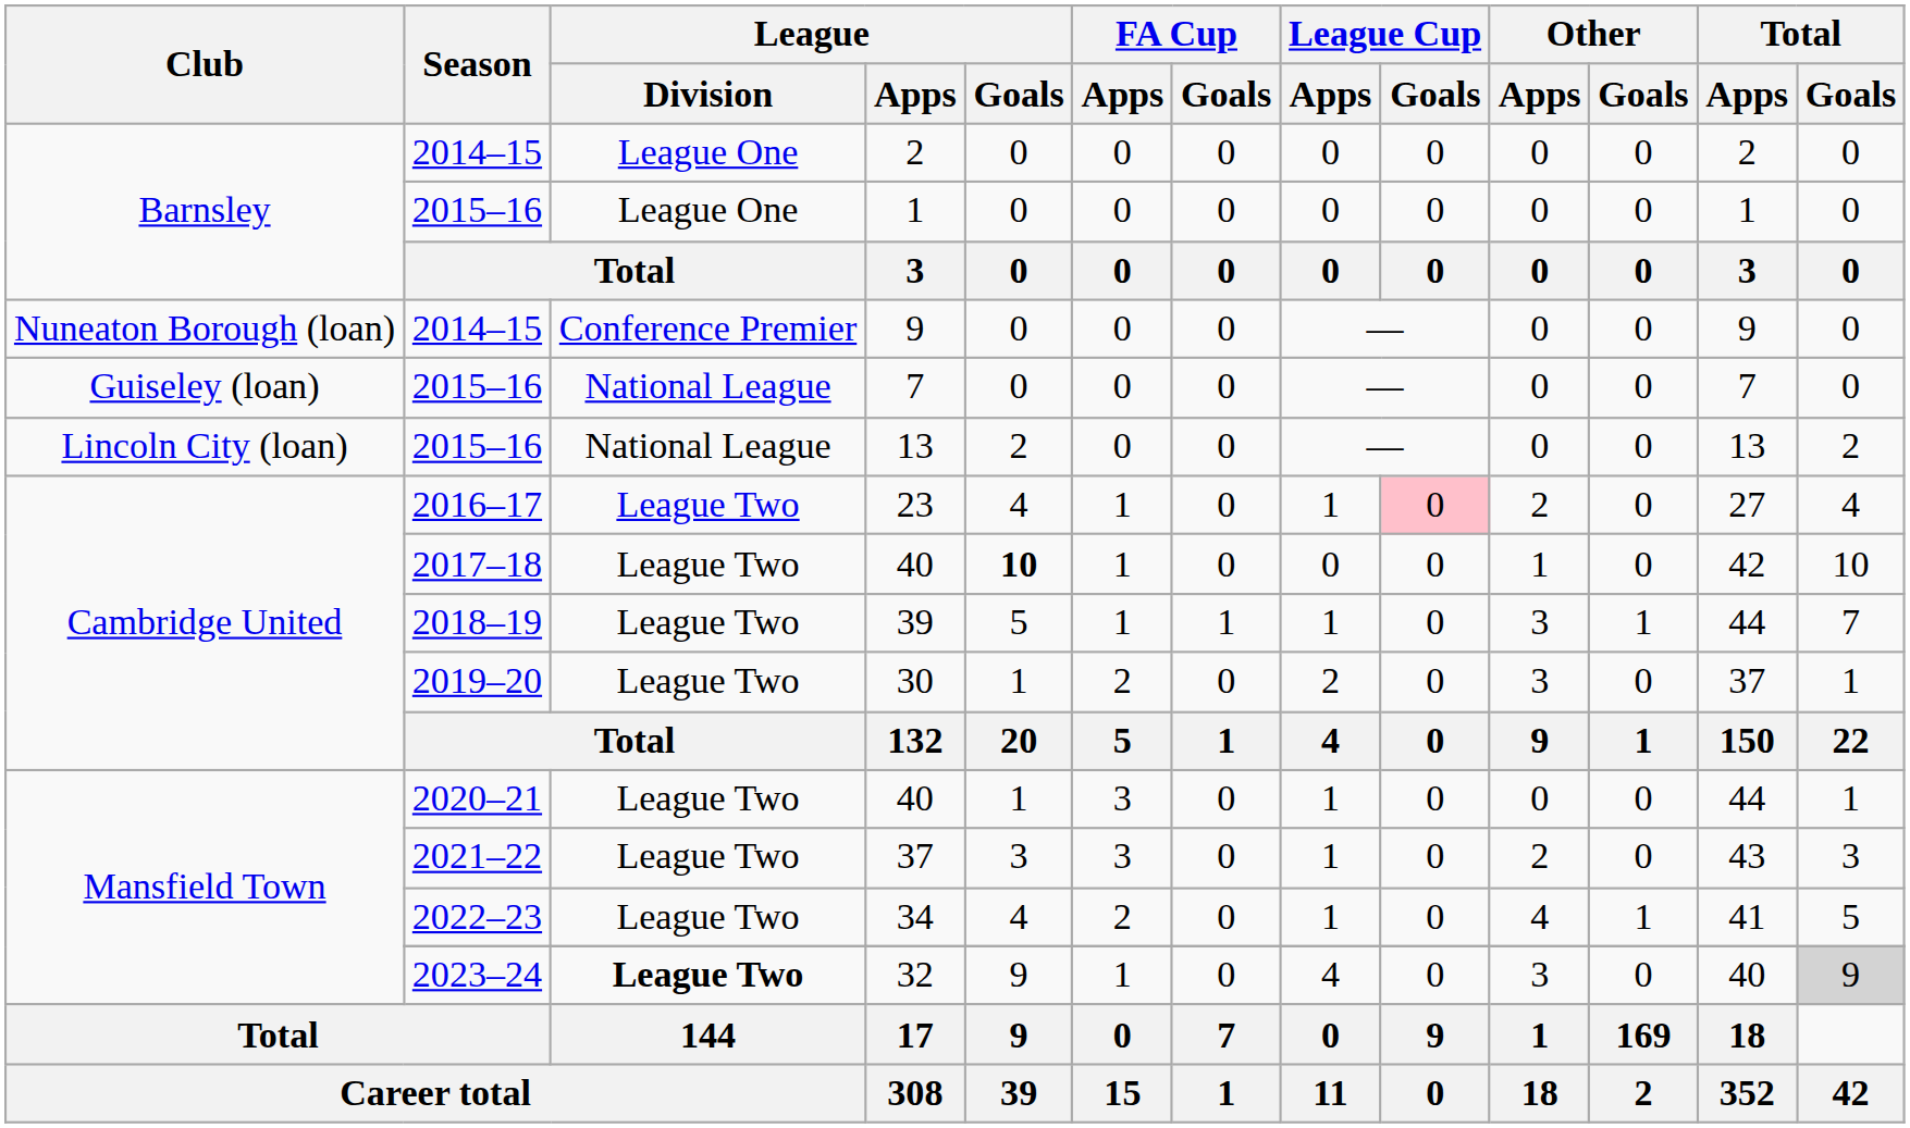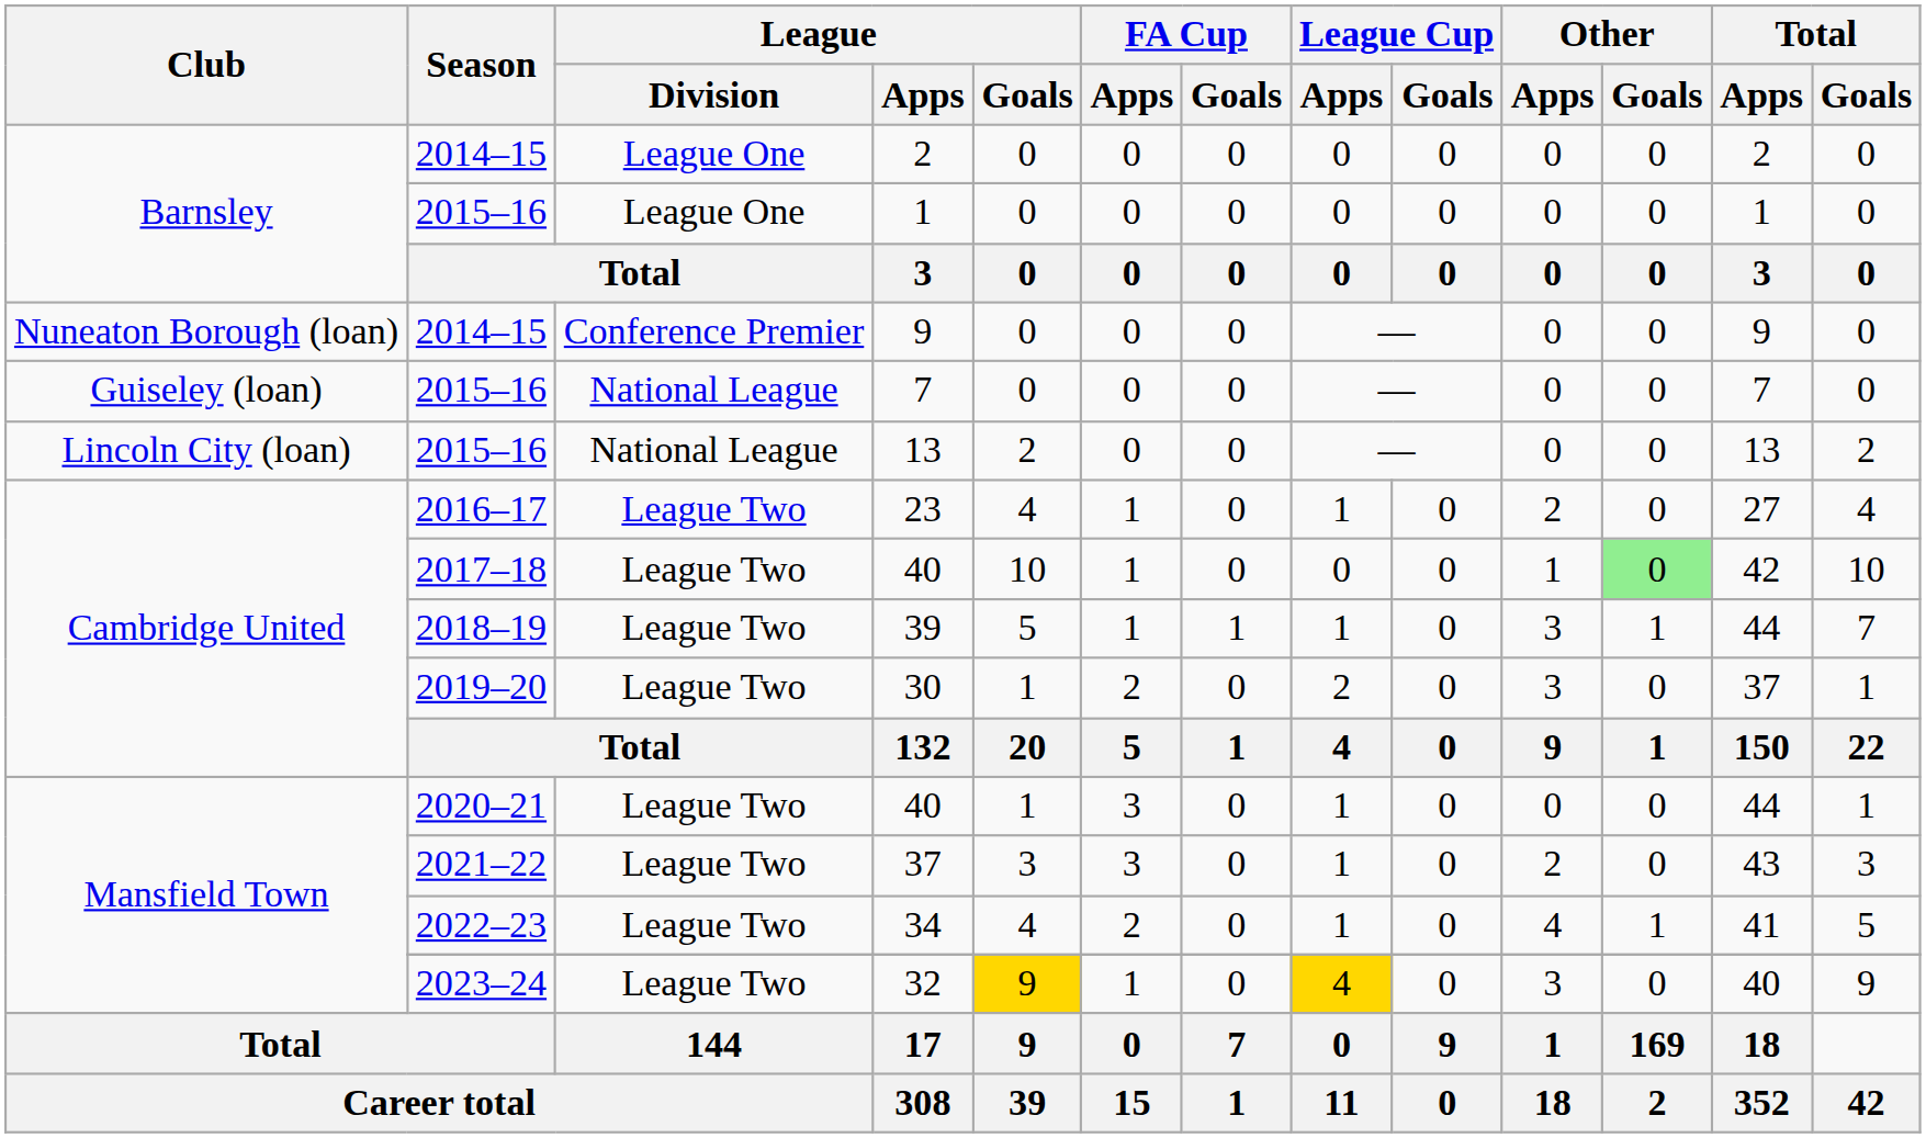 <table class="wikitable" style="text-align: center">
 <tr>
 <th rowspan="2">Club</th>
 <th rowspan="2">Season</th>
 <th colspan="3">League</th>
 <th colspan="2"><a href='#'>FA Cup</a></th>
 <th colspan="2"><a href='#'>League Cup</a></th>
 <th colspan="2">Other</th>
 <th colspan="2">Total</th>
 </tr>
 <tr>
 <th>Division</th>
 <th>Apps</th>
 <th>Goals</th>
 <th>Apps</th>
 <th>Goals</th>
 <th>Apps</th>
 <th>Goals</th>
 <th>Apps</th>
 <th>Goals</th>
 <th>Apps</th>
 <th>Goals</th>
 </tr>
 <tr>
 <td rowspan="3"><a href='#'>Barnsley</a></td>
 <td><a href='#'>2014–15</a></td>
 <td><a href='#'>League One</a></td>
 <td>2</td>
 <td>0</td>
 <td>0</td>
 <td>0</td>
 <td>0</td>
 <td>0</td>
 <td>0</td>
 <td>0</td>
 <td>2</td>
 <td>0</td>
 </tr>
 <tr>
 <td><a href='#'>2015–16</a></td>
 <td>League One</td>
 <td>1</td>
 <td>0</td>
 <td>0</td>
 <td>0</td>
 <td>0</td>
 <td>0</td>
 <td>0</td>
 <td>0</td>
 <td>1</td>
 <td>0</td>
 </tr>
 <tr>
 <th colspan="2">Total</th>
 <th>3</th>
 <th>0</th>
 <th>0</th>
 <th>0</th>
 <th>0</th>
 <th>0</th>
 <th>0</th>
 <th>0</th>
 <th>3</th>
 <th>0</th>
 </tr>
 <tr>
 <td><a href='#'>Nuneaton Borough</a> (loan)</td>
 <td><a href='#'>2014–15</a></td>
 <td><a href='#'>Conference Premier</a></td>
 <td>9</td>
 <td>0</td>
 <td>0</td>
 <td>0</td>
 <td colspan="2">—</td>
 <td>0</td>
 <td>0</td>
 <td>9</td>
 <td>0</td>
 </tr>
 <tr>
 <td><a href='#'>Guiseley</a> (loan)</td>
 <td><a href='#'>2015–16</a></td>
 <td><a href='#'>National League</a></td>
 <td>7</td>
 <td>0</td>
 <td>0</td>
 <td>0</td>
 <td colspan="2">—</td>
 <td>0</td>
 <td>0</td>
 <td>7</td>
 <td>0</td>
 </tr>
 <tr>
 <td><a href='#'>Lincoln City</a> (loan)</td>
 <td><a href='#'>2015–16</a></td>
 <td>National League</td>
 <td>13</td>
 <td>2</td>
 <td>0</td>
 <td>0</td>
 <td colspan="2">—</td>
 <td>0</td>
 <td>0</td>
 <td>13</td>
 <td>2</td>
 </tr>
 <tr>
 <td rowspan="5"><a href='#'>Cambridge United</a></td>
 <td><a href='#'>2016–17</a></td>
 <td><a href='#'>League Two</a></td>
 <td>23</td>
 <td>4</td>
 <td>1</td>
 <td>0</td>
 <td>1</td>
-<td style="background: pink;">0</td>
+<td>0</td>
 <td>2</td>
 <td>0</td>
 <td>27</td>
 <td>4</td>
 </tr>
 <tr>
 <td><a href='#'>2017–18</a></td>
 <td>League Two</td>
 <td>40</td>
-<td><strong>10</strong></td>
+<td>10</td>
 <td>1</td>
 <td>0</td>
 <td>0</td>
 <td>0</td>
 <td>1</td>
-<td>0</td>
+<td style="background: lightgreen;">0</td>
 <td>42</td>
 <td>10</td>
 </tr>
 <tr>
 <td><a href='#'>2018–19</a></td>
 <td>League Two</td>
 <td>39</td>
 <td>5</td>
 <td>1</td>
 <td>1</td>
 <td>1</td>
 <td>0</td>
 <td>3</td>
 <td>1</td>
 <td>44</td>
 <td>7</td>
 </tr>
 <tr>
 <td><a href='#'>2019–20</a></td>
 <td>League Two</td>
 <td>30</td>
 <td>1</td>
 <td>2</td>
 <td>0</td>
 <td>2</td>
 <td>0</td>
 <td>3</td>
 <td>0</td>
 <td>37</td>
 <td>1</td>
 </tr>
 <tr>
 <th colspan="2">Total</th>
 <th>132</th>
 <th>20</th>
 <th>5</th>
 <th>1</th>
 <th>4</th>
 <th>0</th>
 <th>9</th>
 <th>1</th>
 <th>150</th>
 <th>22</th>
 </tr>
 <tr>
 <td rowspan="5"><a href='#'>Mansfield Town</a></td>
 <td><a href='#'>2020–21</a></td>
 <td>League Two</td>
 <td>40</td>
 <td>1</td>
 <td>3</td>
 <td>0</td>
 <td>1</td>
 <td>0</td>
 <td>0</td>
 <td>0</td>
 <td>44</td>
 <td>1</td>
 </tr>
 <tr>
 <td><a href='#'>2021–22</a></td>
 <td>League Two</td>
 <td>37</td>
 <td>3</td>
 <td>3</td>
 <td>0</td>
 <td>1</td>
 <td>0</td>
 <td>2</td>
 <td>0</td>
 <td>43</td>
 <td>3</td>
 </tr>
 <tr>
 <td><a href='#'>2022–23</a></td>
 <td>League Two</td>
 <td>34</td>
 <td>4</td>
 <td>2</td>
 <td>0</td>
 <td>1</td>
 <td>0</td>
 <td>4</td>
 <td>1</td>
 <td>41</td>
 <td>5</td>
 </tr>
 <tr>
 </tr>
 <tr>
 <td><a href='#'>2023–24</a></td>
-<td><strong>League Two</strong></td>
+<td>League Two</td>
 <td>32</td>
-<td>9</td>
+<td style="background: gold;">9</td>
 <td>1</td>
 <td>0</td>
-<td>4</td>
+<td style="background: gold;">4</td>
 <td>0</td>
 <td>3</td>
 <td>0</td>
 <td>40</td>
-<td style="background: lightgrey;">9</td>
+<td>9</td>
 </tr>
 <tr>
 <th colspan="2">Total</th>
 <th>144</th>
 <th>17</th>
 <th>9</th>
 <th>0</th>
 <th>7</th>
 <th>0</th>
 <th>9</th>
 <th>1</th>
 <th>169</th>
 <th>18</th>
 </tr>
 <tr>
 <th colspan="3">Career total</th>
 <th>308</th>
 <th>39</th>
 <th>15</th>
 <th>1</th>
 <th>11</th>
 <th>0</th>
 <th>18</th>
 <th>2</th>
 <th>352</th>
 <th>42</th>
 </tr>
 </table>
